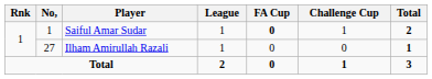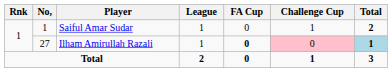 <table class="wikitable" style="text-align:center; font-size:100%; width:70%;">
 <tr>
 <th>Rnk</th>
 <th>No,</th>
 <th>Player</th>
 <th>League</th>
 <th>FA Cup</th>
 <th>Challenge Cup</th>
 <th>Total</th>
 </tr>
 <tr>
 <td rowspan=2>1</td>
 <td>1</td>
 <td align=left> <a href='#'>Saiful Amar Sudar</a></td>
 <td>1</td>
-<td><strong>0</strong></td>
+<td>0</td>
 <td>1</td>
 <td><strong>2</strong></td>
 </tr>
 <tr>
 <td>27</td>
 <td align=left> <a href='#'>Ilham Amirullah Razali</a></td>
 <td>1</td>
-<td>0</td>
-<td>0</td>
-<td><strong>1</strong></td>
+<td><strong>0</strong></td>
+<td style="background: pink;">0</td>
+<td style="background: lightblue;"><strong>1</strong></td>
 </tr>
 <tr>
 <td colspan=3><strong>Total</strong></td>
 <td><strong>2</strong></td>
 <td><strong>0</strong></td>
 <td><strong>1</strong></td>
 <td><strong>3</strong></td>
 </tr>
 </table>
